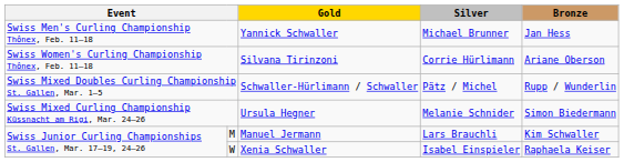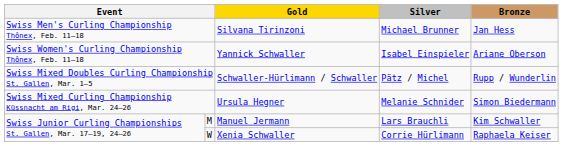 <table class="wikitable">
 <tr>
 <th colspan="2">Event</th>
 <th style="background:gold">Gold</th>
 <th style="background:silver">Silver</th>
 <th style="background:#cc9966">Bronze</th>
 </tr>
 <tr>
 <td colspan="2"><a href='#'>Swiss Men's Curling Championship</a> <br> <small><a href='#'>Thônex</a>, Feb. 11–18</small></td>
-<td><a href='#'>Yannick Schwaller</a></td>
+<td><a href='#'>Silvana Tirinzoni</a></td>
 <td><a href='#'>Michael Brunner</a></td>
 <td><a href='#'>Jan Hess</a></td>
 </tr>
 <tr>
 <td colspan="2"><a href='#'>Swiss Women's Curling Championship</a> <br> <small><a href='#'>Thônex</a>, Feb. 11–18</small></td>
-<td><a href='#'>Silvana Tirinzoni</a></td>
-<td><a href='#'>Corrie Hürlimann</a></td>
+<td><a href='#'>Yannick Schwaller</a></td>
+<td><a href='#'>Isabel Einspieler</a></td>
 <td><a href='#'>Ariane Oberson</a></td>
 </tr>
 <tr>
 <td colspan="2"><a href='#'>Swiss Mixed Doubles Curling Championship</a> <br> <small><a href='#'>St. Gallen</a>, Mar. 1–5</small></td>
 <td><a href='#'>Schwaller-Hürlimann</a> / <a href='#'>Schwaller</a></td>
 <td><a href='#'>Pätz</a> / <a href='#'>Michel</a></td>
 <td><a href='#'>Rupp</a> / <a href='#'>Wunderlin</a></td>
 </tr>
 <tr>
 <td colspan="2"><a href='#'>Swiss Mixed Curling Championship</a> <br> <small><a href='#'>Küssnacht am Rigi</a>, Mar. 24–26</small></td>
 <td><a href='#'>Ursula Hegner</a></td>
 <td><a href='#'>Melanie Schnider</a></td>
 <td><a href='#'>Simon Biedermann</a></td>
 </tr>
 <tr>
 <td rowspan="2"><a href='#'>Swiss Junior Curling Championships</a> <br> <small><a href='#'>St. Gallen</a>, Mar. 17–19, 24–26</small></td>
 <td>M</td>
 <td><a href='#'>Manuel Jermann</a></td>
 <td><a href='#'>Lars Brauchli</a></td>
 <td><a href='#'>Kim Schwaller</a></td>
 </tr>
 <tr>
 <td>W</td>
 <td><a href='#'>Xenia Schwaller</a></td>
-<td><a href='#'>Isabel Einspieler</a></td>
+<td><a href='#'>Corrie Hürlimann</a></td>
 <td><a href='#'>Raphaela Keiser</a></td>
 </tr>
 </table>
